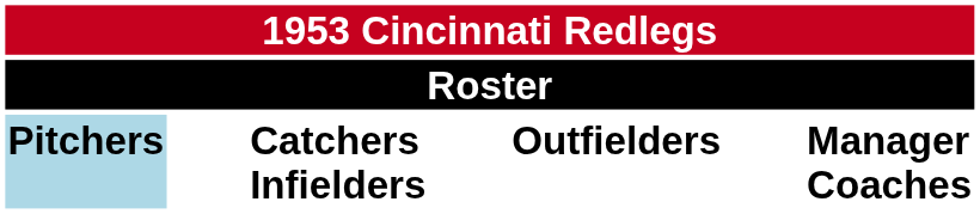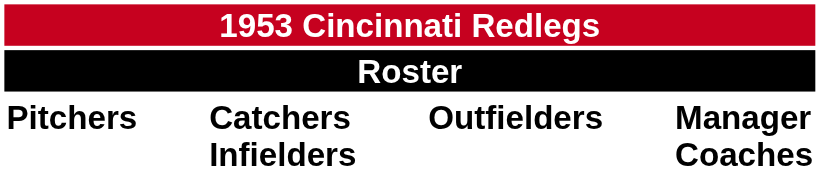 <table class="toccolours" style="font-size: 95%;">
 <tr>
 <th colspan="10" style="background-color: #c6011f; color: white; text-align: center;">1953 Cincinnati Redlegs</th>
 </tr>
 <tr>
 <td colspan="10" style="background-color: black; color: white; text-align: center;"><strong>Roster</strong></td>
 </tr>
 <tr>
-<td valign="top" style="background: lightblue;"><strong>Pitchers</strong><br>               </td>
+<td valign="top"><strong>Pitchers</strong><br>               </td>
 <td width="25px"></td>
 <td valign="top"><strong>Catchers</strong><br>     <strong>Infielders</strong>      </td>
 <td width="25px"></td>
 <td valign="top"><strong>Outfielders</strong><br>       </td>
 <td width="25px"></td>
 <td valign="top"><strong>Manager</strong><br>  <strong>Coaches</strong>  </td>
 </tr>
 </table>
